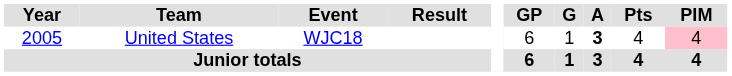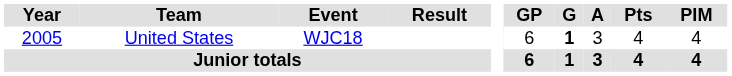 <table border="0" cellpadding="1" cellspacing="0" style="text-align:center; width:40em">
 <tr ALIGN="center" bgcolor="#e0e0e0">
 <th>Year</th>
 <th>Team</th>
 <th>Event</th>
 <th>Result</th>
 <th rowspan="99" bgcolor="#ffffff"> </th>
 <th>GP</th>
 <th>G</th>
 <th>A</th>
 <th>Pts</th>
 <th>PIM</th>
 </tr>
 <tr>
 <td><a href='#'>2005</a></td>
 <td><a href='#'>United States</a></td>
 <td><a href='#'>WJC18</a></td>
 <td></td>
 <td>6</td>
-<td>1</td>
-<td><strong>3</strong></td>
+<td><strong>1</strong></td>
+<td>3</td>
 <td>4</td>
-<td style="background: pink;">4</td>
+<td>4</td>
 </tr>
 <tr bgcolor="#e0e0e0">
 <th colspan="4">Junior totals</th>
 <th>6</th>
 <th>1</th>
 <th>3</th>
 <th>4</th>
 <th>4</th>
 </tr>
 </table>
